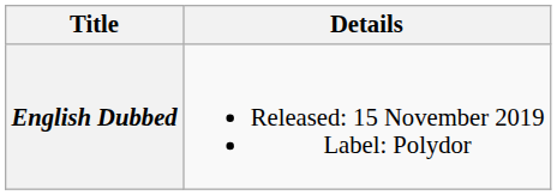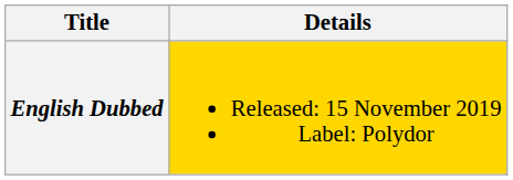 <table class="wikitable plainrowheaders" style="text-align:center">
 <tr>
 <th scope="col">Title</th>
 <th scope="col">Details</th>
 </tr>
 <tr>
 <th scope="row"><em>English Dubbed</em></th>
-<td><br><ul><li>Released: 15 November 2019</li><li>Label: Polydor</li></ul></td>
+<td style="background: gold;"><br><ul><li>Released: 15 November 2019</li><li>Label: Polydor</li></ul></td>
 </tr>
 </table>
